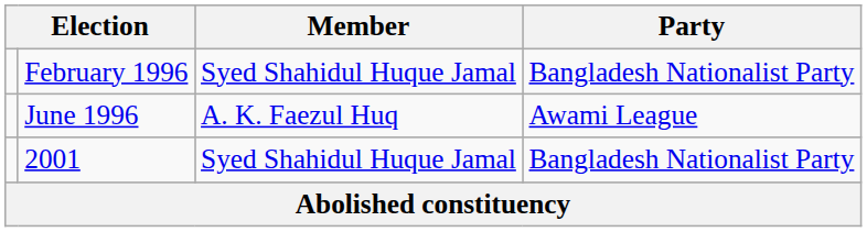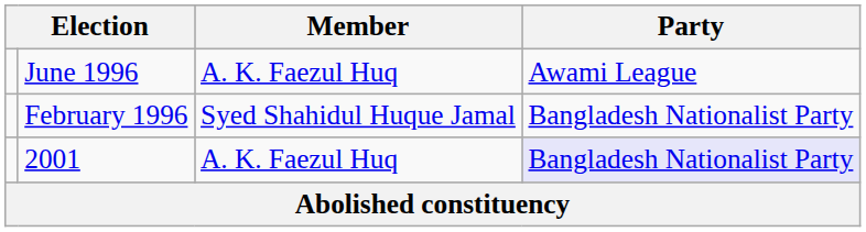 <table class="wikitable">
 <tr>
 <th colspan="2">Election</th>
 <th>Member</th>
 <th>Party</th>
+</tr>
+<tr>
+<td style="background-color:"></td>
+<td><a href='#'>June 1996</a></td>
+<td><a href='#'>A. K. Faezul Huq</a></td>
+<td><a href='#'>Awami League</a></td>
 </tr>
 <tr>
 <td style="background-color:"></td>
 <td><a href='#'>February 1996</a></td>
 <td><a href='#'>Syed Shahidul Huque Jamal</a></td>
 <td><a href='#'>Bangladesh Nationalist Party</a></td>
 </tr>
 <tr>
 <td style="background-color:"></td>
-<td><a href='#'>June 1996</a></td>
+<td><a href='#'>2001</a></td>
 <td><a href='#'>A. K. Faezul Huq</a></td>
-<td><a href='#'>Awami League</a></td>
-</tr>
-<tr>
-<td style="background-color:"></td>
-<td><a href='#'>2001</a></td>
-<td><a href='#'>Syed Shahidul Huque Jamal</a></td>
-<td><a href='#'>Bangladesh Nationalist Party</a></td>
+<td style="background: lavender;"><a href='#'>Bangladesh Nationalist Party</a></td>
 </tr>
 <tr>
 <th colspan="4">Abolished constituency</th>
 </tr>
 </table>
